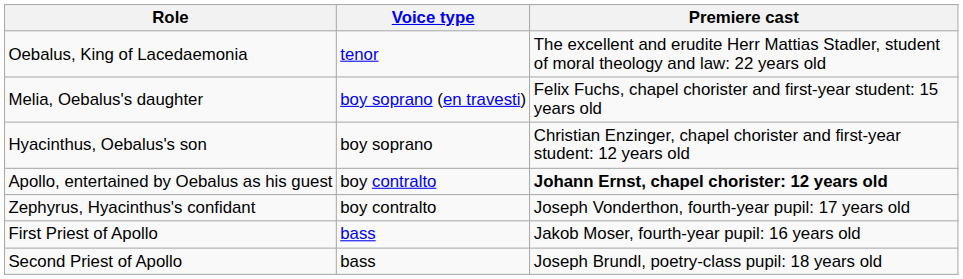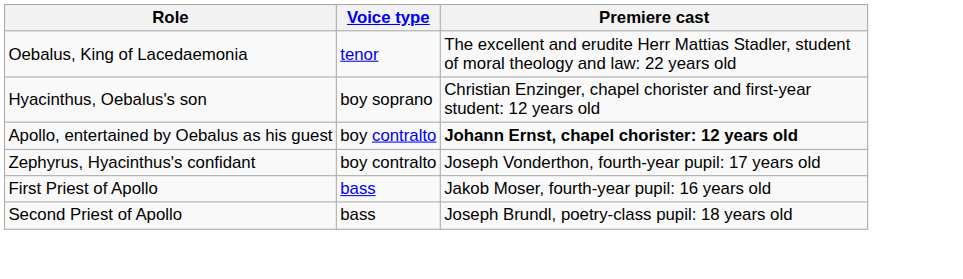 <table class="wikitable">
 <tr>
 <th>Role</th>
 <th><a href='#'>Voice type</a></th>
 <th style="width:400px">Premiere cast</th>
 </tr>
 <tr>
 <td>Oebalus, King of Lacedaemonia</td>
 <td><a href='#'>tenor</a></td>
 <td>The excellent and erudite Herr Mattias Stadler, student of moral theology and law: 22 years old</td>
-</tr>
-<tr>
-<td>Melia, Oebalus's daughter</td>
-<td><a href='#'>boy soprano</a> (<a href='#'>en travesti</a>)</td>
-<td>Felix Fuchs, chapel chorister and first-year student: 15 years old</td>
 </tr>
 <tr>
 <td>Hyacinthus, Oebalus's son</td>
 <td>boy soprano</td>
 <td>Christian Enzinger, chapel chorister and first-year student: 12 years old</td>
 </tr>
 <tr>
 <td>Apollo, entertained by Oebalus as his guest</td>
 <td>boy <a href='#'>contralto</a></td>
 <td><strong>Johann Ernst, chapel chorister: 12 years old</strong></td>
 </tr>
 <tr>
 <td>Zephyrus, Hyacinthus's confidant</td>
 <td>boy contralto</td>
 <td>Joseph Vonderthon, fourth-year pupil: 17 years old</td>
 </tr>
 <tr>
 <td>First Priest of Apollo</td>
 <td><a href='#'>bass</a></td>
 <td>Jakob Moser, fourth-year pupil: 16 years old</td>
 </tr>
 <tr>
 <td>Second Priest of Apollo</td>
 <td>bass</td>
 <td>Joseph Brundl, poetry-class pupil: 18 years old</td>
 </tr>
 </table>
